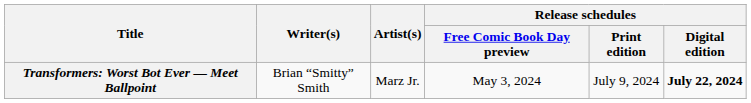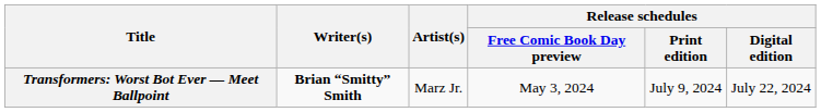 <table class="wikitable" width="100%" style="text-align: center;">
 <tr>
 <th rowspan="2">Title</th>
 <th rowspan="2" scope="col">Writer(s)</th>
 <th rowspan="2" scope="col">Artist(s)</th>
 <th colspan="3">Release schedules</th>
 </tr>
 <tr>
 <th><a href='#'>Free Comic Book Day</a> preview</th>
 <th>Print edition</th>
 <th>Digital edition</th>
 </tr>
 <tr>
 <th scope="col"><em>Transformers: Worst Bot Ever — Meet Ballpoint</em></th>
-<td>Brian “Smitty” Smith</td>
+<td><strong>Brian “Smitty” Smith</strong></td>
 <td>Marz Jr.</td>
 <td>May 3, 2024</td>
 <td>July 9, 2024</td>
-<td><strong>July 22, 2024</strong></td>
+<td>July 22, 2024</td>
 </tr>
 </table>
